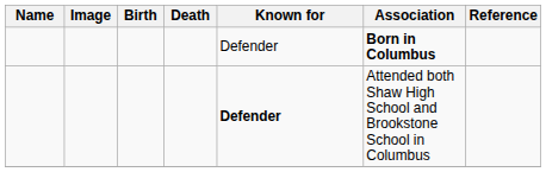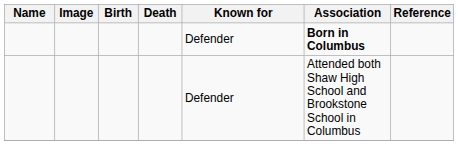 <table class="wikitable sortable">
 <tr>
 <th scope="col" width="140">Name</th>
 <th scope="col" width="80" class="unsortable">Image</th>
 <th scope="col" width="90">Birth</th>
 <th scope="col" width="90">Death</th>
 <th scope="col" width="600" class="unsortable">Known for</th>
 <th scope="col" width="200" class="unsortable">Association</th>
 <th scope="col" width="30" class="unsortable">Reference</th>
 </tr>
 <tr>
 <td></td>
 <td></td>
 <td align=right></td>
 <td align=right></td>
 <td>Defender</td>
 <td><strong>Born in Columbus</strong></td>
 <td align="center"></td>
 </tr>
 <tr>
 <td></td>
 <td></td>
 <td align=right></td>
 <td align=right></td>
-<td><strong>Defender</strong></td>
+<td>Defender</td>
 <td>Attended both Shaw High School and Brookstone School in Columbus</td>
 <td align="center"></td>
 </tr>
 <tr>
 </tr>
 </table>
